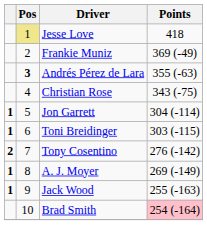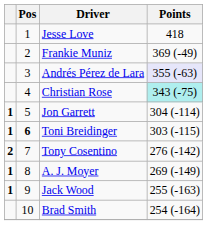 <table class="wikitable" style="font-size: 95%;">
 <tr>
 <th></th>
 <th>Pos</th>
 <th>Driver</th>
 <th>Points</th>
 </tr>
 <tr>
 <td align="left"></td>
-<td style="background: khaki; text-align:center;">1</td>
+<td style="text-align:center;">1</td>
 <td><a href='#'>Jesse Love</a></td>
 <td style="text-align:center;">418</td>
 </tr>
 <tr>
 <td align="left"></td>
 <td style="text-align:center;">2</td>
 <td><a href='#'>Frankie Muniz</a></td>
 <td style="text-align:center;">369 (-49)</td>
 </tr>
 <tr>
 <td align="left"></td>
-<td style="text-align:center;"><strong>3</strong></td>
+<td style="text-align:center;">3</td>
 <td><a href='#'>Andrés Pérez de Lara</a></td>
-<td style="text-align:center;">355 (-63)</td>
+<td style="background: lavender; text-align:center;">355 (-63)</td>
 </tr>
 <tr>
 <td align="left"></td>
 <td style="text-align:center;">4</td>
 <td><a href='#'>Christian Rose</a></td>
-<td style="text-align:center;">343 (-75)</td>
+<td style="background: paleturquoise; text-align:center;">343 (-75)</td>
 </tr>
 <tr>
 <td align="left"> <strong>1</strong></td>
 <td style="text-align:center;">5</td>
 <td><a href='#'>Jon Garrett</a></td>
 <td style="text-align:center;">304 (-114)</td>
 </tr>
 <tr>
 <td align="left"> <strong>1</strong></td>
-<td style="text-align:center;">6</td>
+<td style="text-align:center;"><strong>6</strong></td>
 <td><a href='#'>Toni Breidinger</a></td>
 <td style="text-align:center;">303 (-115)</td>
 </tr>
 <tr>
 <td align="left"> <strong>2</strong></td>
 <td style="text-align:center;">7</td>
 <td><a href='#'>Tony Cosentino</a></td>
 <td style="text-align:center;">276 (-142)</td>
 </tr>
 <tr>
 <td align="left"> <strong>1</strong></td>
 <td style="text-align:center;">8</td>
 <td><a href='#'>A. J. Moyer</a></td>
 <td style="text-align:center;">269 (-149)</td>
 </tr>
 <tr>
 <td align="left"> <strong>1</strong></td>
 <td style="text-align:center;">9</td>
 <td><a href='#'>Jack Wood</a></td>
 <td style="text-align:center;">255 (-163)</td>
 </tr>
 <tr>
 <td align="left"></td>
 <td style="text-align:center;">10</td>
 <td><a href='#'>Brad Smith</a></td>
-<td style="background: pink; text-align:center;">254 (-164)</td>
+<td style="text-align:center;">254 (-164)</td>
 </tr>
 <tr class="sortbottom">
 </tr>
 </table>
